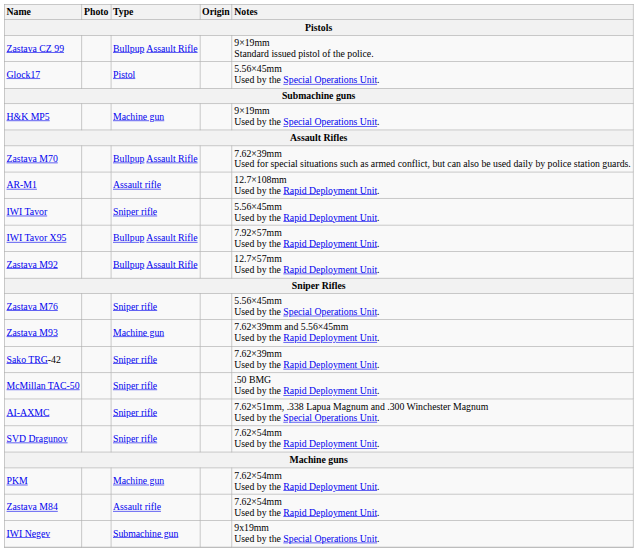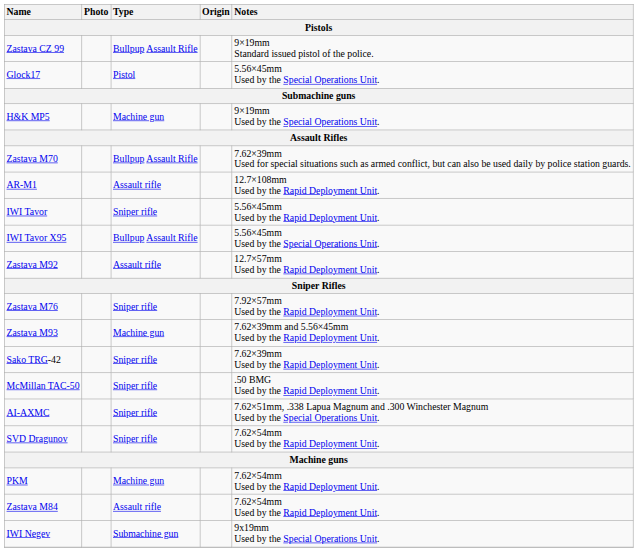 <table class="wikitable">
 <tr>
 <th style="text-align: left;">Name</th>
 <th style="text-align: left;">Photo</th>
 <th style="text-align: left;">Type</th>
 <th style="text-align: left;">Origin</th>
 <th style="text-align: left;">Notes</th>
 </tr>
 <tr>
 <th style="align: center;" colspan=7>Pistols</th>
 </tr>
 <tr>
 <td><a href='#'>Zastava CZ 99</a></td>
 <td></td>
 <td><a href='#'>Bullpup</a> <a href='#'>Assault Rifle</a></td>
 <td><br></td>
 <td>9×19mm<br>Standard issued pistol of the police.</td>
 </tr>
 <tr>
 <td><a href='#'>Glock17</a></td>
 <td></td>
 <td><a href='#'>Pistol</a></td>
 <td></td>
 <td>5.56×45mm<br>Used by the <a href='#'>Special Operations Unit</a>.</td>
 </tr>
 <tr>
 <th style="align: center;" colspan=7>Submachine guns</th>
 </tr>
 <tr>
 <td><a href='#'>H&K MP5</a></td>
 <td></td>
 <td><a href='#'>Machine gun</a></td>
 <td></td>
 <td>9×19mm<br>Used by the <a href='#'>Special Operations Unit</a>.</td>
 </tr>
 <tr>
 <th style="align: center;" colspan=7>Assault Rifles</th>
 </tr>
 <tr>
 <td><a href='#'>Zastava M70</a></td>
 <td></td>
 <td><a href='#'>Bullpup</a> <a href='#'>Assault Rifle</a></td>
 <td><br><br></td>
 <td>7.62×39mm<br>Used for special situations such as armed conflict, but can also be used daily by police station guards.</td>
 </tr>
 <tr>
 <td><a href='#'>AR-M1</a></td>
 <td></td>
 <td><a href='#'>Assault rifle</a></td>
 <td></td>
 <td>12.7×108mm<br>Used by the <a href='#'>Rapid Deployment Unit</a>.</td>
 </tr>
 <tr>
 <td><a href='#'>IWI Tavor</a></td>
 <td></td>
 <td><a href='#'>Sniper rifle</a></td>
 <td></td>
 <td>5.56×45mm<br>Used by the <a href='#'>Rapid Deployment Unit</a>.</td>
 </tr>
 <tr>
 <td><a href='#'>IWI Tavor X95</a></td>
 <td></td>
 <td><a href='#'>Bullpup</a> <a href='#'>Assault Rifle</a></td>
 <td></td>
-<td>7.92×57mm<br>Used by the <a href='#'>Rapid Deployment Unit</a>.</td>
+<td>5.56×45mm<br>Used by the <a href='#'>Special Operations Unit</a>.</td>
 </tr>
 <tr>
 <td><a href='#'>Zastava M92</a></td>
 <td></td>
-<td><a href='#'>Bullpup</a> <a href='#'>Assault Rifle</a></td>
+<td><a href='#'>Assault rifle</a></td>
 <td><br></td>
 <td>12.7×57mm<br>Used by the <a href='#'>Rapid Deployment Unit</a>.</td>
 </tr>
 <tr>
 <th style="align: center;" colspan=7>Sniper Rifles</th>
 </tr>
 <tr>
 <td><a href='#'>Zastava M76</a></td>
 <td></td>
 <td><a href='#'>Sniper rifle</a></td>
 <td><br></td>
-<td>5.56×45mm<br>Used by the <a href='#'>Special Operations Unit</a>.</td>
+<td>7.92×57mm<br>Used by the <a href='#'>Rapid Deployment Unit</a>.</td>
 </tr>
 <tr>
 <td><a href='#'>Zastava M93</a></td>
 <td></td>
 <td><a href='#'>Machine gun</a></td>
 <td></td>
 <td>7.62×39mm and 5.56×45mm<br>Used by the <a href='#'>Rapid Deployment Unit</a>.</td>
 </tr>
 <tr>
 <td><a href='#'>Sako TRG</a>-42</td>
 <td></td>
 <td><a href='#'>Sniper rifle</a></td>
 <td></td>
 <td>7.62×39mm<br>Used by the <a href='#'>Rapid Deployment Unit</a>.</td>
 </tr>
 <tr>
 <td><a href='#'>McMillan TAC-50</a></td>
 <td></td>
 <td><a href='#'>Sniper rifle</a></td>
 <td></td>
 <td>.50 BMG<br>Used by the <a href='#'>Rapid Deployment Unit</a>.</td>
 </tr>
 <tr>
 <td><a href='#'>AI-AXMC</a></td>
 <td></td>
 <td><a href='#'>Sniper rifle</a></td>
 <td></td>
 <td>7.62×51mm, .338 Lapua Magnum and .300 Winchester Magnum<br>Used by the <a href='#'>Special Operations Unit</a>.</td>
 </tr>
 <tr>
 <td><a href='#'>SVD Dragunov</a></td>
 <td></td>
 <td><a href='#'>Sniper rifle</a></td>
 <td><br></td>
 <td>7.62×54mm<br>Used by the <a href='#'>Rapid Deployment Unit</a>.</td>
 </tr>
 <tr>
 <th style="align: center;" colspan=7>Machine guns</th>
 </tr>
 <tr>
 <td><a href='#'>PKM</a></td>
 <td></td>
 <td><a href='#'>Machine gun</a></td>
 <td><br></td>
 <td>7.62×54mm<br>Used by the <a href='#'>Rapid Deployment Unit</a>.</td>
 </tr>
 <tr>
 <td><a href='#'>Zastava M84</a></td>
 <td></td>
 <td><a href='#'>Assault rifle</a></td>
 <td><br></td>
 <td>7.62×54mm<br>Used by the <a href='#'>Rapid Deployment Unit</a>.</td>
 </tr>
 <tr>
 <td><a href='#'>IWI Negev</a></td>
 <td></td>
 <td><a href='#'>Submachine gun</a></td>
 <td></td>
 <td>9x19mm<br>Used by the <a href='#'>Special Operations Unit</a>.</td>
 </tr>
 <tr>
 </tr>
 </table>
